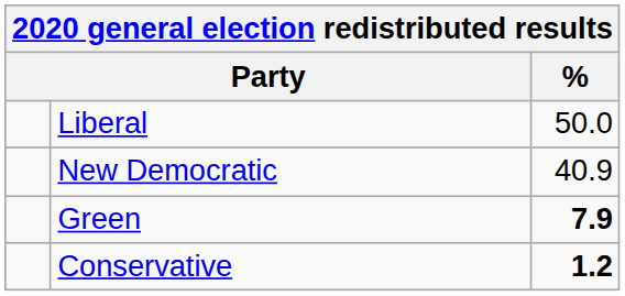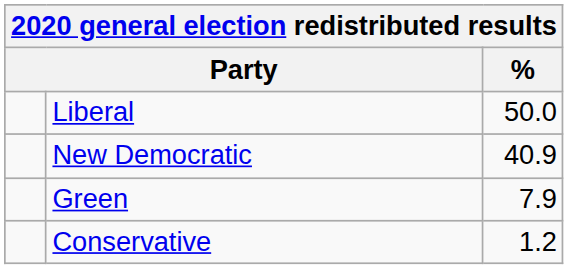 <table class="wikitable">
 <tr>
 <th colspan="4"><a href='#'>2020 general election</a> redistributed results</th>
 </tr>
 <tr>
 <th colspan="2" style="width: 130px;">Party</th>
 <th style="width: 40px;">%</th>
 </tr>
 <tr>
 <td> </td>
 <td><a href='#'>Liberal</a></td>
 <td style="text-align: right;">50.0</td>
 </tr>
 <tr>
 <td> </td>
 <td><a href='#'>New Democratic</a></td>
 <td style="text-align: right;">40.9</td>
 </tr>
 <tr>
 <td> </td>
 <td><a href='#'>Green</a></td>
-<td style="text-align: right;"><strong>7.9</strong></td>
+<td style="text-align: right;">7.9</td>
 </tr>
 <tr>
 <td> </td>
 <td><a href='#'>Conservative</a></td>
-<td style="text-align: right;"><strong>1.2</strong></td>
+<td style="text-align: right;">1.2</td>
 </tr>
 </table>
